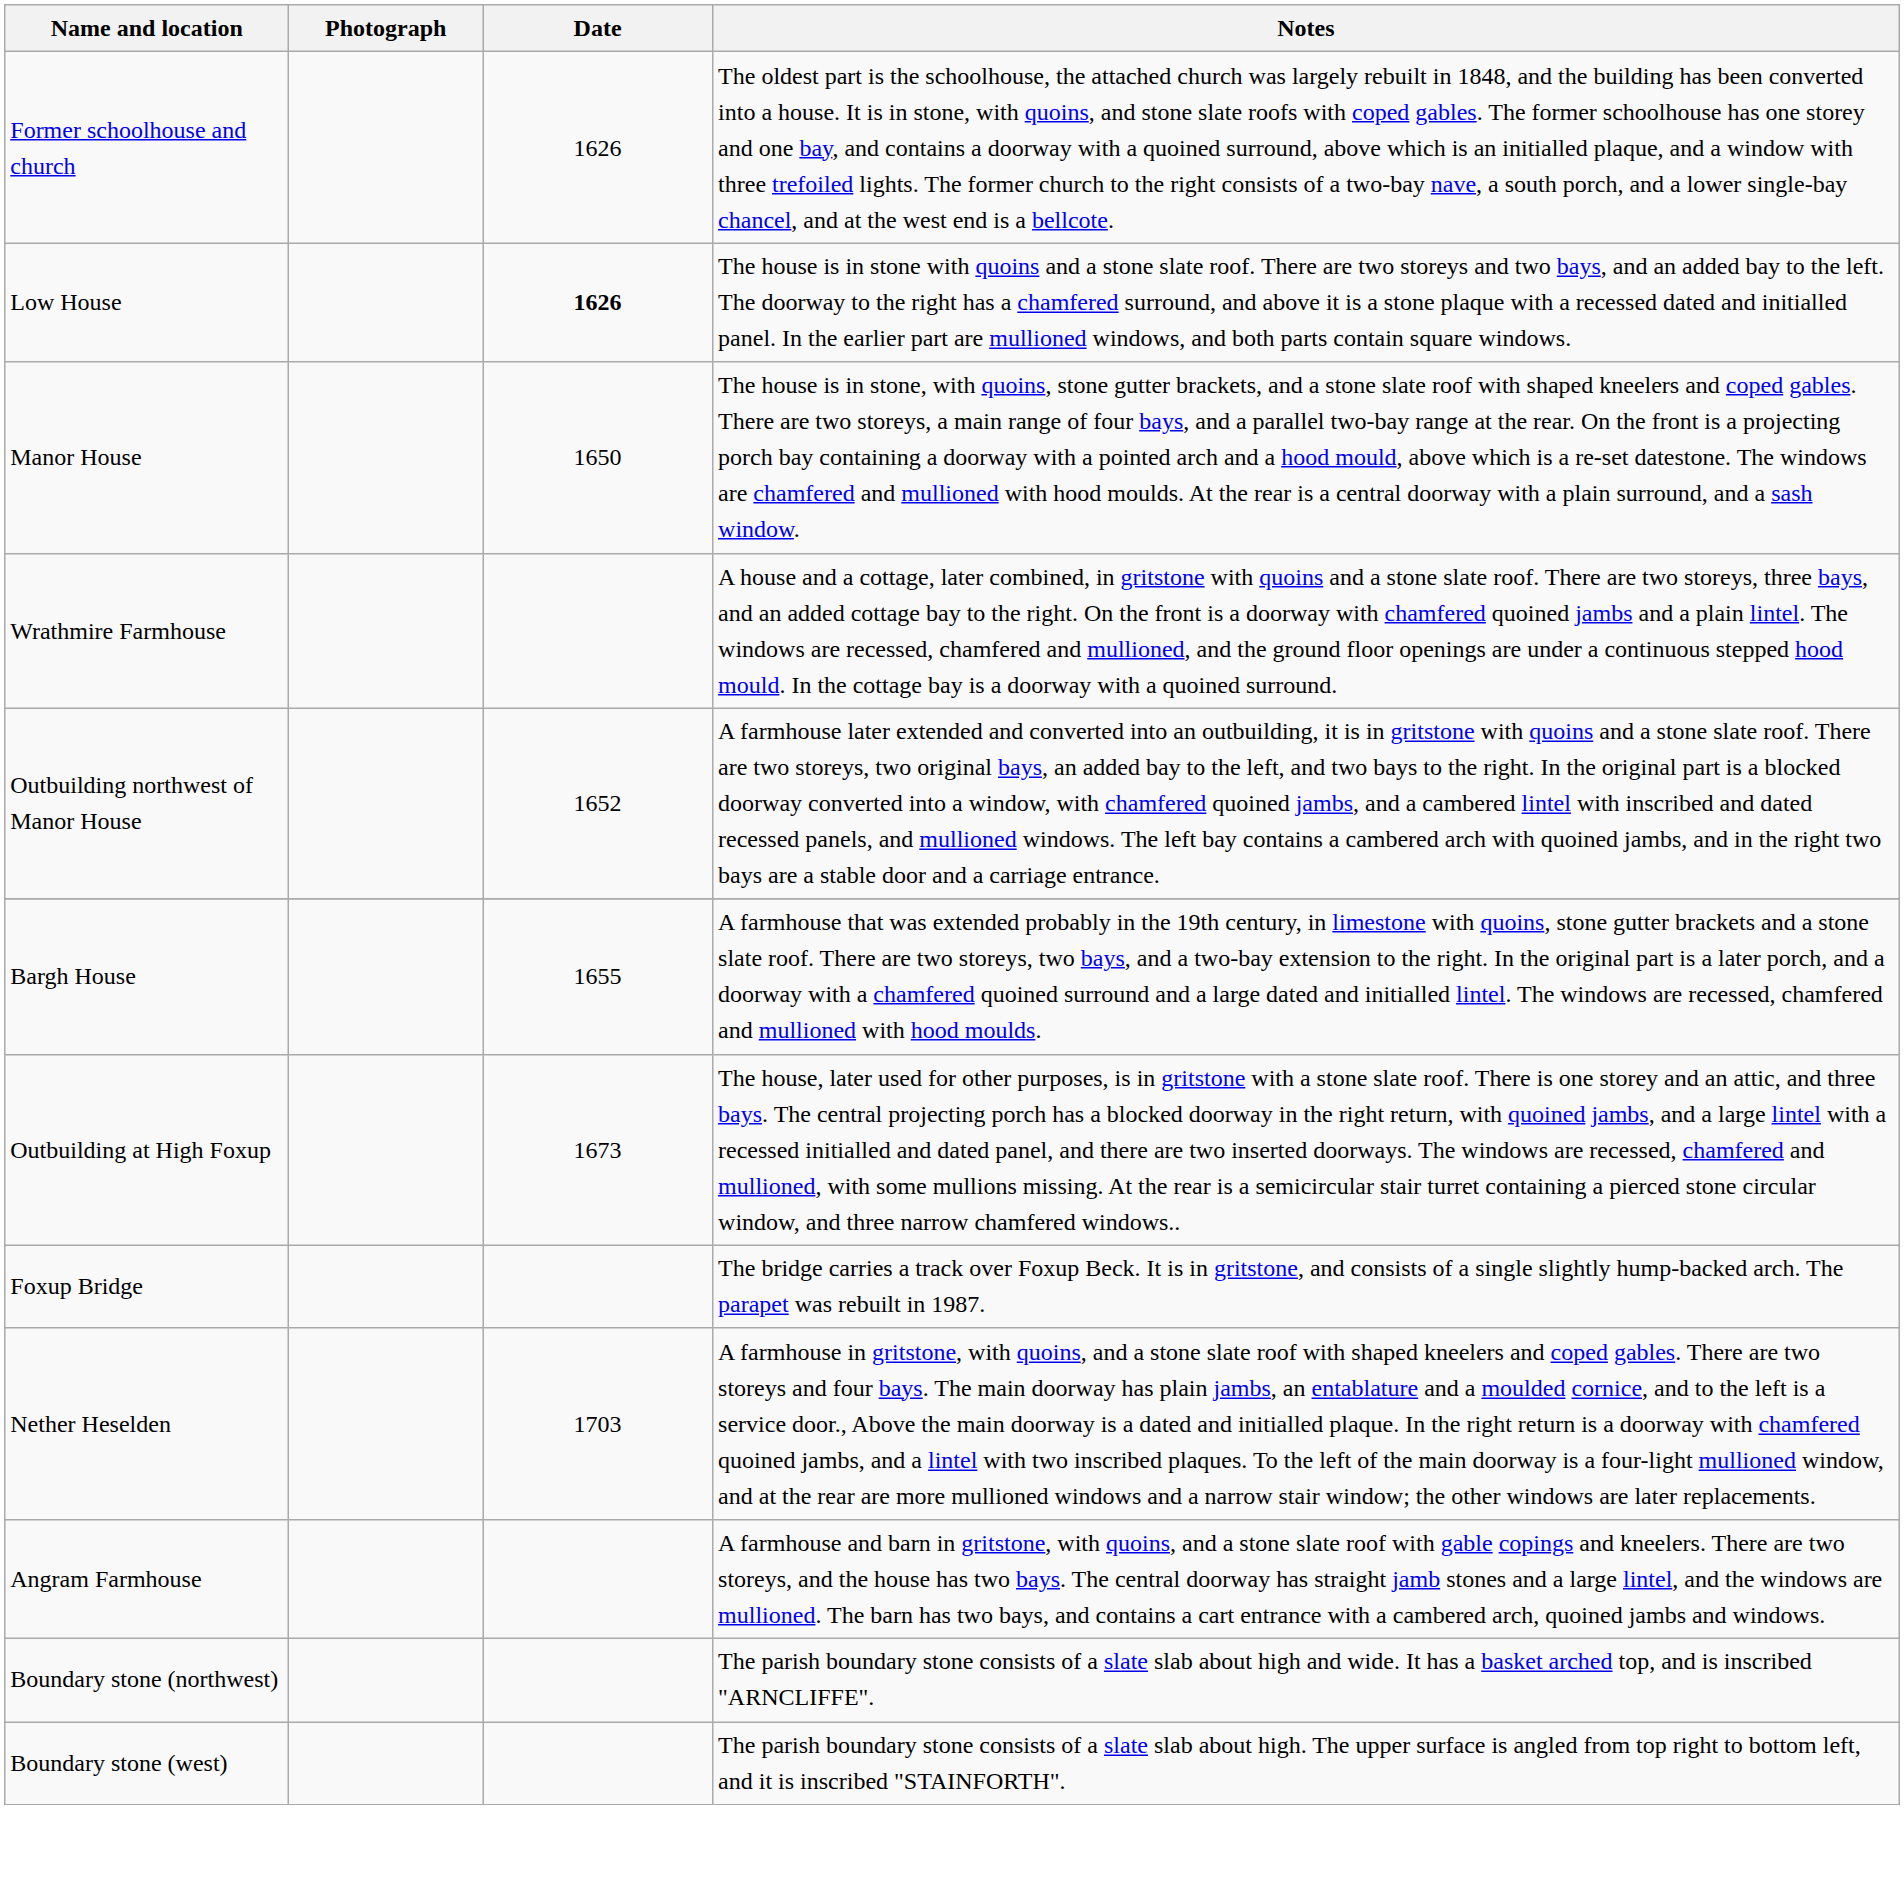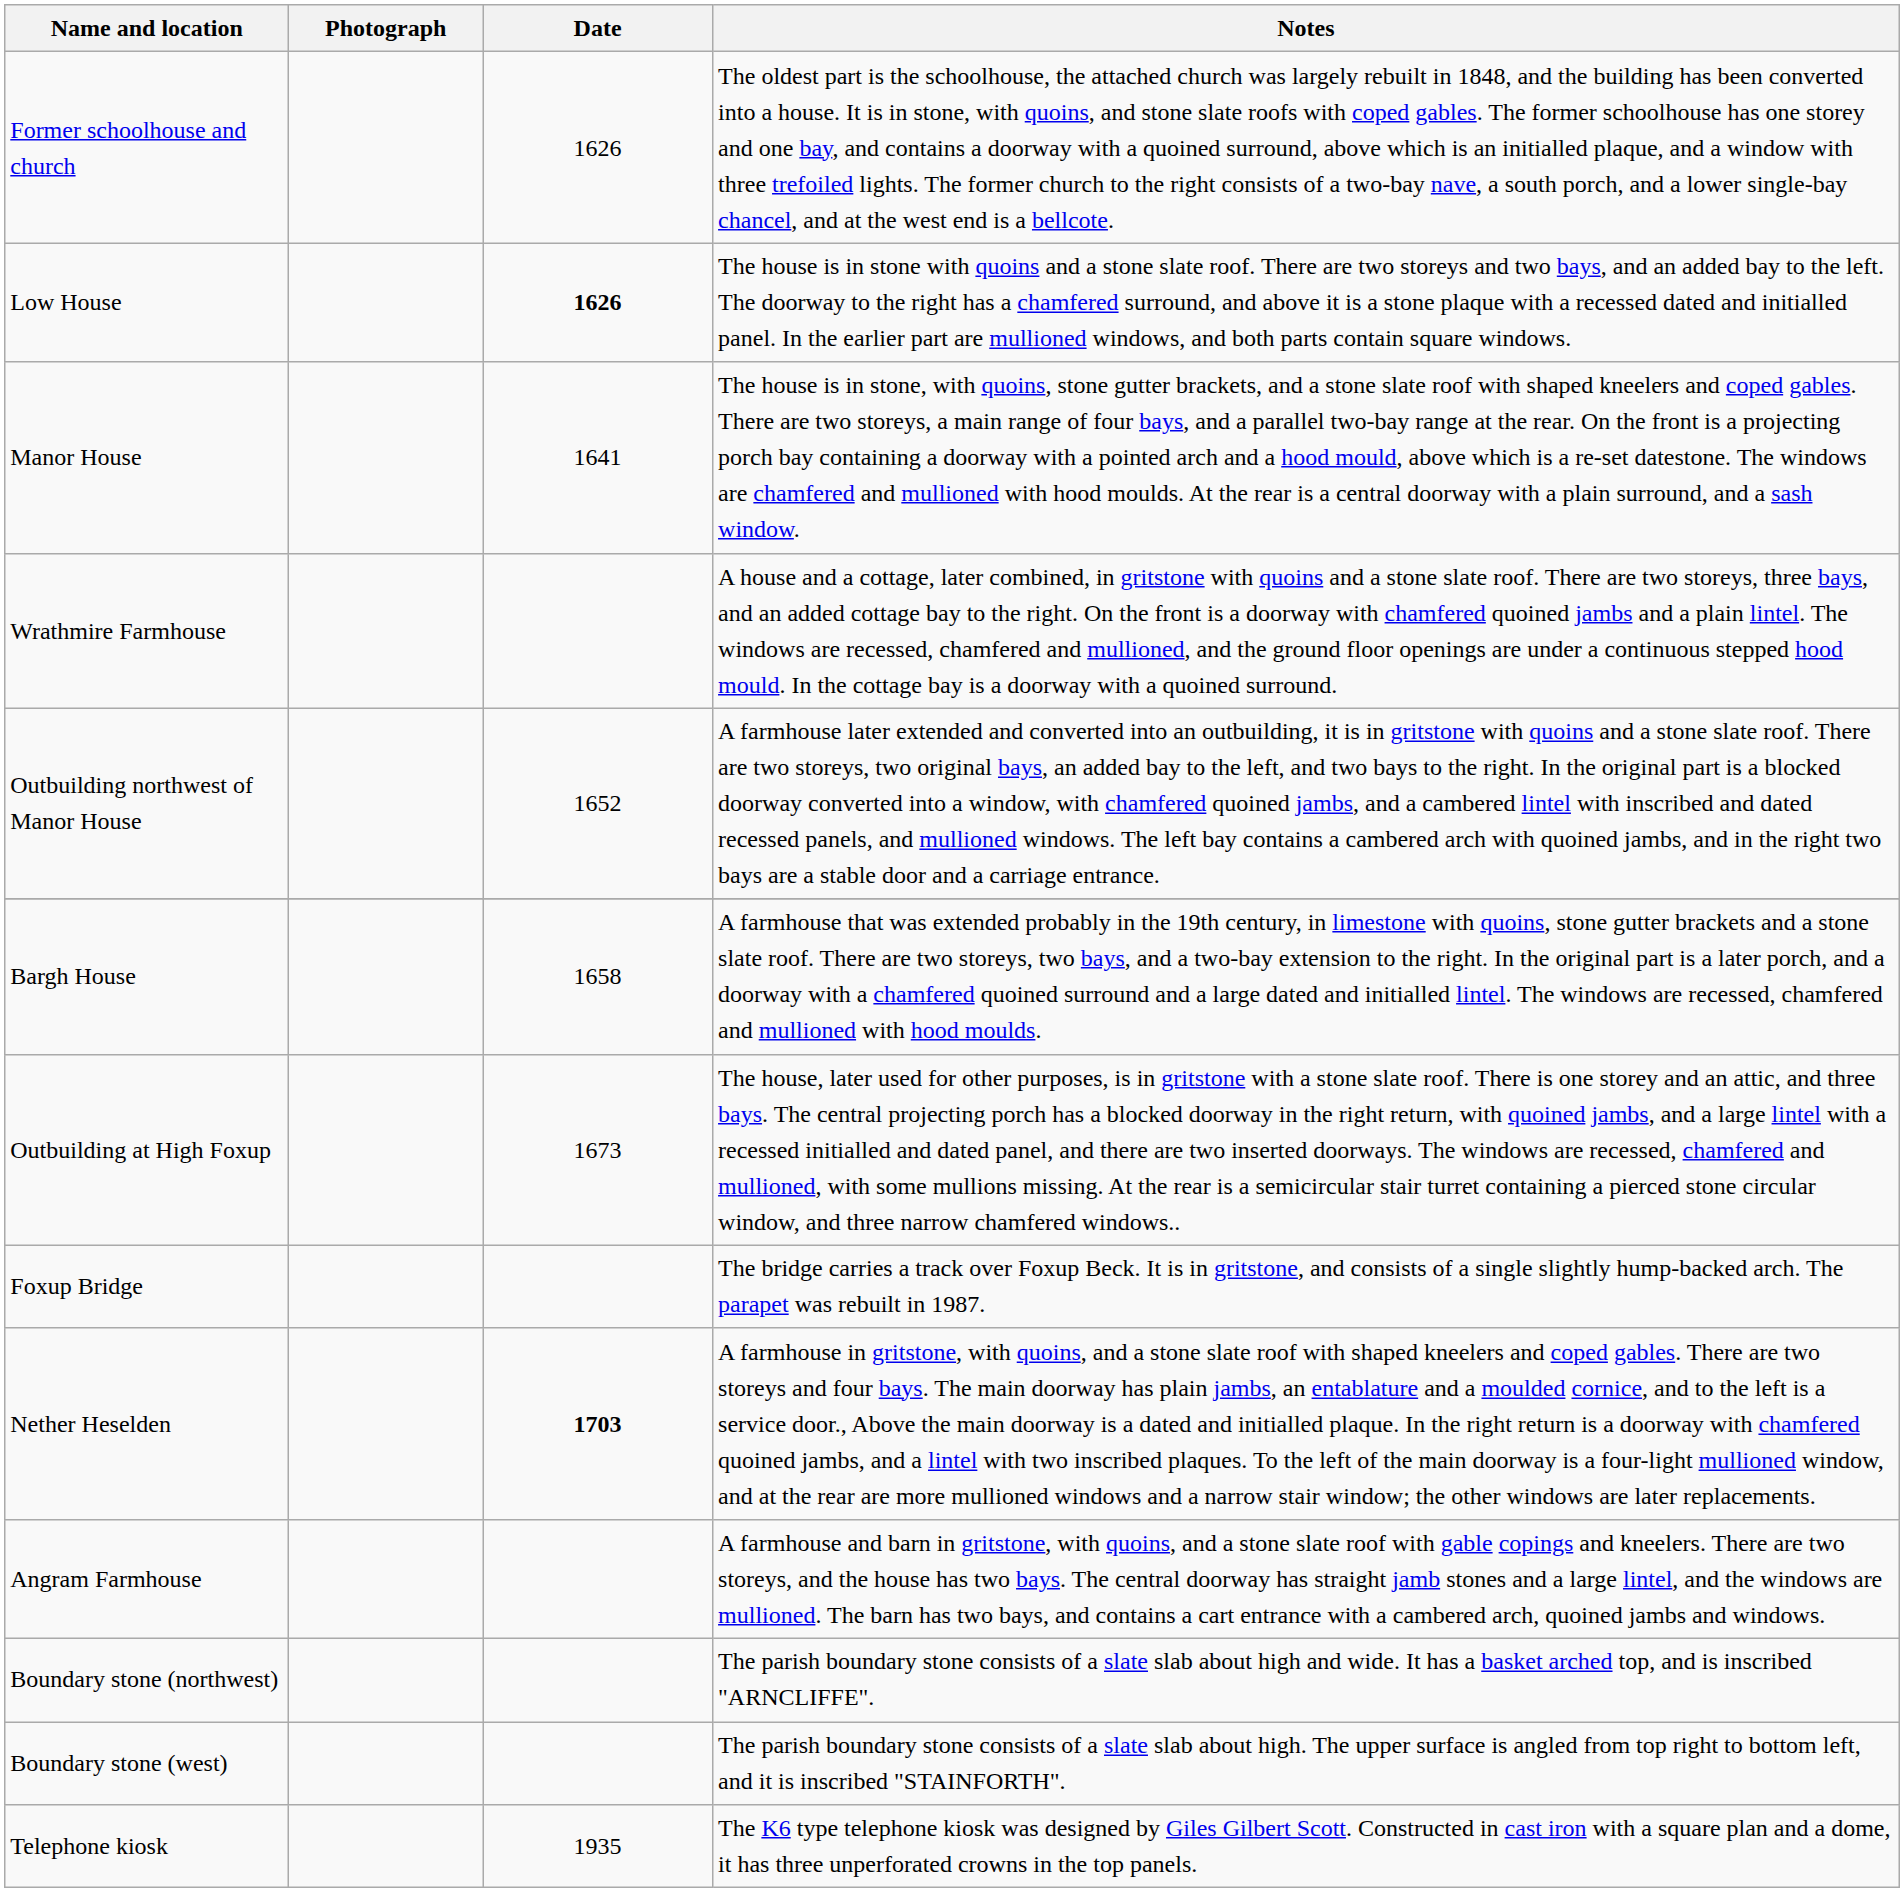 <table class="wikitable sortable plainrowheaders" style="width:100%;border:0px;text-align:left;line-height:150%;">
 <tr>
 <th scope="col"  style="width:150px">Name and location</th>
 <th scope="col"  style="width:100px" class="unsortable">Photograph</th>
 <th scope="col"  style="width:120px">Date</th>
 <th scope="col"  style="width:650px" class="unsortable">Notes</th>
 </tr>
 <tr>
 <td><a href='#'>Former schoolhouse and church</a><br><small></small></td>
 <td></td>
 <td align="center">1626</td>
 <td>The oldest part is the schoolhouse, the attached church was largely rebuilt in 1848, and the building has been converted into a house. It is in stone, with <a href='#'>quoins</a>, and stone slate roofs with <a href='#'>coped</a> <a href='#'>gables</a>.  The former schoolhouse has one storey and one <a href='#'>bay</a>, and contains a doorway with a quoined surround, above which is an initialled plaque, and a window with three <a href='#'>trefoiled</a> lights.  The former church to the right consists of a two-bay <a href='#'>nave</a>, a south porch, and a lower single-bay <a href='#'>chancel</a>, and at the west end is a <a href='#'>bellcote</a>.</td>
 </tr>
 <tr>
 <td>Low House<br><small></small></td>
 <td></td>
 <td align="center"><strong>1626</strong></td>
 <td>The house is in stone with <a href='#'>quoins</a> and a stone slate roof.  There are two storeys and two <a href='#'>bays</a>, and an added bay to the left.  The doorway to the right has a <a href='#'>chamfered</a> surround, and above it is a stone plaque with a recessed dated and initialled panel.  In the earlier part are <a href='#'>mullioned</a> windows, and both parts contain square windows.</td>
 </tr>
 <tr>
 <td>Manor House<br><small></small></td>
 <td></td>
-<td align="center">1650</td>
+<td align="center">1641</td>
 <td>The house is in stone, with <a href='#'>quoins</a>, stone gutter brackets, and a stone slate roof with shaped kneelers and <a href='#'>coped</a> <a href='#'>gables</a>.  There are two storeys, a main range of four <a href='#'>bays</a>, and a parallel two-bay range at the rear.  On the front is a projecting porch bay containing a doorway with a pointed arch and a <a href='#'>hood mould</a>, above which is a re-set datestone.  The windows are <a href='#'>chamfered</a> and <a href='#'>mullioned</a> with hood moulds.  At the rear is a central doorway with a plain surround, and a <a href='#'>sash window</a>.</td>
 </tr>
 <tr>
 <td>Wrathmire Farmhouse<br><small></small></td>
 <td></td>
 <td align="center"></td>
 <td>A house and a cottage, later combined, in <a href='#'>gritstone</a> with <a href='#'>quoins</a> and a stone slate roof.  There are two storeys, three <a href='#'>bays</a>, and an added cottage bay to the right.  On the front is a doorway with <a href='#'>chamfered</a> quoined <a href='#'>jambs</a> and a plain <a href='#'>lintel</a>.  The windows are recessed, chamfered and <a href='#'>mullioned</a>, and the ground floor openings are under a continuous stepped <a href='#'>hood mould</a>.  In the cottage bay is a doorway with a quoined surround.</td>
 </tr>
 <tr>
 <td>Outbuilding northwest of Manor House<br><small></small></td>
 <td></td>
 <td align="center">1652</td>
 <td>A farmhouse later extended and converted into an outbuilding, it is in <a href='#'>gritstone</a> with <a href='#'>quoins</a> and a stone slate roof.  There are two storeys, two original <a href='#'>bays</a>, an added bay to the left, and two bays to the right.  In the original part is a blocked doorway converted into a window, with <a href='#'>chamfered</a> quoined <a href='#'>jambs</a>, and a cambered <a href='#'>lintel</a> with inscribed and dated recessed panels, and <a href='#'>mullioned</a> windows.  The left bay contains a cambered arch with quoined jambs, and in the right two bays are a stable door and a carriage entrance.</td>
 </tr>
 <tr>
 </tr>
 <tr>
 <td>Bargh House<br><small></small></td>
 <td></td>
-<td align="center">1655</td>
+<td align="center">1658</td>
 <td>A farmhouse that was extended probably in the 19th century, in <a href='#'>limestone</a> with <a href='#'>quoins</a>, stone gutter brackets and a stone slate roof.  There are two storeys, two <a href='#'>bays</a>, and a two-bay extension to the right.  In the original part is a later porch, and a doorway with a <a href='#'>chamfered</a> quoined surround and a large dated and initialled <a href='#'>lintel</a>.  The windows are recessed, chamfered and <a href='#'>mullioned</a> with <a href='#'>hood moulds</a>.</td>
 </tr>
 <tr>
 <td>Outbuilding at High Foxup<br><small></small></td>
 <td></td>
 <td align="center">1673</td>
 <td>The house, later used for other purposes, is in <a href='#'>gritstone</a> with a stone slate roof.  There is one storey and an attic, and three <a href='#'>bays</a>.  The central projecting porch has a blocked doorway in the right return, with <a href='#'>quoined</a> <a href='#'>jambs</a>, and a large <a href='#'>lintel</a> with a recessed initialled and dated panel, and there are two inserted doorways.  The windows are recessed, <a href='#'>chamfered</a> and <a href='#'>mullioned</a>, with some mullions missing.  At the rear is a semicircular stair turret containing a pierced stone circular window, and three narrow chamfered windows..</td>
 </tr>
 <tr>
 <td>Foxup Bridge<br><small></small></td>
 <td></td>
 <td align="center"></td>
 <td>The bridge carries a track over Foxup Beck.  It is in <a href='#'>gritstone</a>, and consists of a single slightly hump-backed arch.  The <a href='#'>parapet</a> was rebuilt in 1987.</td>
 </tr>
 <tr>
 <td>Nether Heselden<br><small></small></td>
 <td></td>
-<td align="center">1703</td>
+<td align="center"><strong>1703</strong></td>
 <td>A farmhouse in <a href='#'>gritstone</a>, with <a href='#'>quoins</a>, and a stone slate roof with shaped kneelers and <a href='#'>coped</a> <a href='#'>gables</a>.  There are two storeys and four <a href='#'>bays</a>.  The main doorway has plain <a href='#'>jambs</a>, an <a href='#'>entablature</a> and a <a href='#'>moulded</a> <a href='#'>cornice</a>, and to the left is a service door.,  Above the main doorway is a dated and initialled plaque.  In the right return is a doorway with <a href='#'>chamfered</a> quoined jambs, and a <a href='#'>lintel</a> with two inscribed plaques.  To the left of the main doorway is a four-light <a href='#'>mullioned</a> window, and at the rear are more mullioned windows and a narrow stair window; the other windows are later replacements.</td>
 </tr>
 <tr>
 <td>Angram Farmhouse<br><small></small></td>
 <td></td>
 <td align="center"></td>
 <td>A farmhouse and barn in <a href='#'>gritstone</a>, with <a href='#'>quoins</a>, and a stone slate roof with <a href='#'>gable</a> <a href='#'>copings</a> and kneelers.  There are two storeys, and the house has two <a href='#'>bays</a>.  The central doorway has straight <a href='#'>jamb</a> stones and a large <a href='#'>lintel</a>, and the windows are <a href='#'>mullioned</a>.  The barn has two bays, and contains a cart entrance with a cambered arch, quoined jambs and windows.</td>
 </tr>
 <tr>
 <td>Boundary stone (northwest)<br><small></small></td>
 <td></td>
 <td align="center"></td>
 <td>The parish boundary stone consists of a <a href='#'>slate</a> slab about  high and  wide.  It has a <a href='#'>basket arched</a> top, and is inscribed "ARNCLIFFE".</td>
 </tr>
 <tr>
 <td>Boundary stone (west)<br><small></small></td>
 <td></td>
 <td align="center"></td>
 <td>The parish boundary stone consists of a <a href='#'>slate</a> slab about  high.  The upper surface is angled from top right to bottom left, and it is inscribed "STAINFORTH".</td>
 </tr>
 <tr>
+<td>Telephone kiosk<br><small></small></td>
+<td></td>
+<td align="center">1935</td>
+<td>The <a href='#'>K6</a> type telephone kiosk was designed by <a href='#'>Giles Gilbert Scott</a>.  Constructed in <a href='#'>cast iron</a> with a square plan and a dome, it has three unperforated crowns in the top panels.</td>
+</tr>
+<tr>
 </tr>
 </table>
